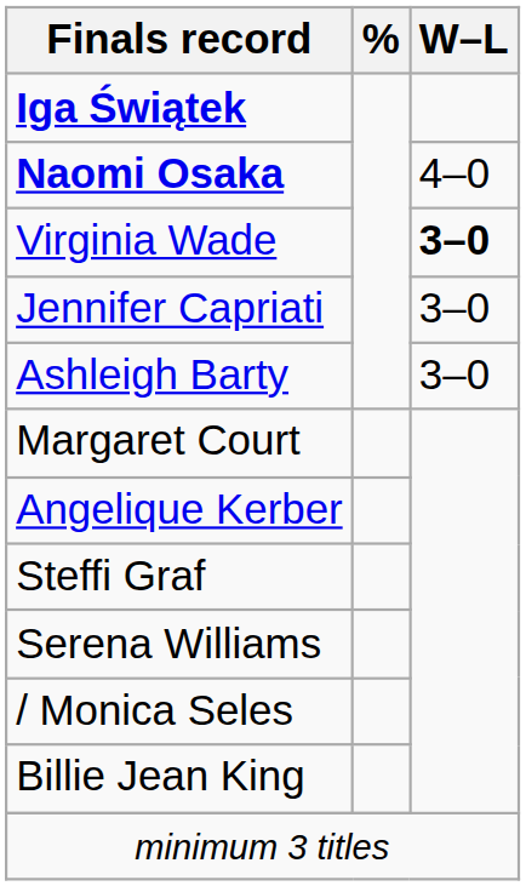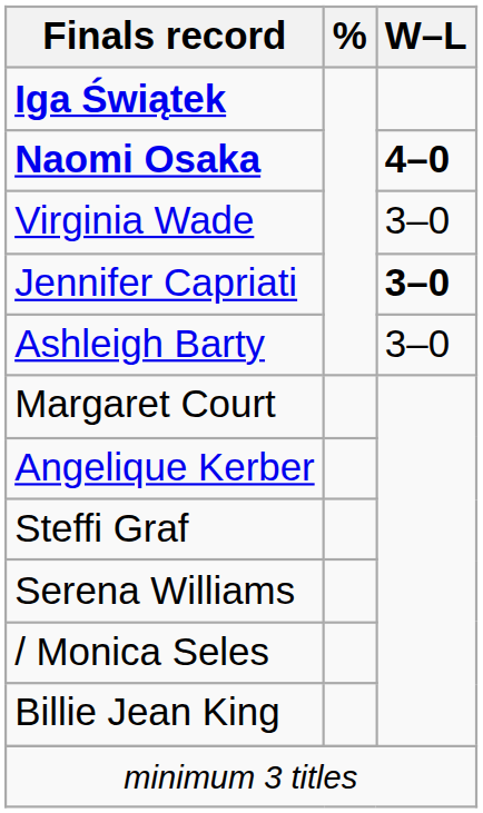 <table class="wikitable" style="display:inline-table;">
 <tr>
 <th>Finals record</th>
 <th>%</th>
 <th>W–L</th>
 </tr>
 <tr>
 <td> <strong><a href='#'>Iga Świątek</a></strong></td>
 <td rowspan=5></td>
 </tr>
 <tr>
 <td> <strong><a href='#'>Naomi Osaka</a></strong></td>
-<td>4–0</td>
+<td><strong>4–0</strong></td>
 </tr>
 <tr>
 <td> <a href='#'>Virginia Wade</a></td>
-<td><strong>3–0</strong></td>
+<td>3–0</td>
 </tr>
 <tr>
 <td> <a href='#'>Jennifer Capriati</a></td>
-<td>3–0</td>
+<td><strong>3–0</strong></td>
 </tr>
 <tr>
 <td> <a href='#'>Ashleigh Barty</a></td>
 <td>3–0</td>
 </tr>
 <tr>
 <td> Margaret Court</td>
 <td></td>
 </tr>
 <tr>
 <td> <a href='#'>Angelique Kerber</a></td>
 <td></td>
 </tr>
 <tr>
 <td> Steffi Graf</td>
 <td></td>
 </tr>
 <tr>
 <td> Serena Williams</td>
 <td></td>
 </tr>
 <tr>
 <td>/ Monica Seles</td>
 <td></td>
 </tr>
 <tr>
 <td> Billie Jean King</td>
 <td></td>
 </tr>
 <tr>
 </tr>
 <tr>
 <td colspan="4" style="text-align: center;"><small><em>minimum 3 titles</em></small><br></td>
 </tr>
 </table>
